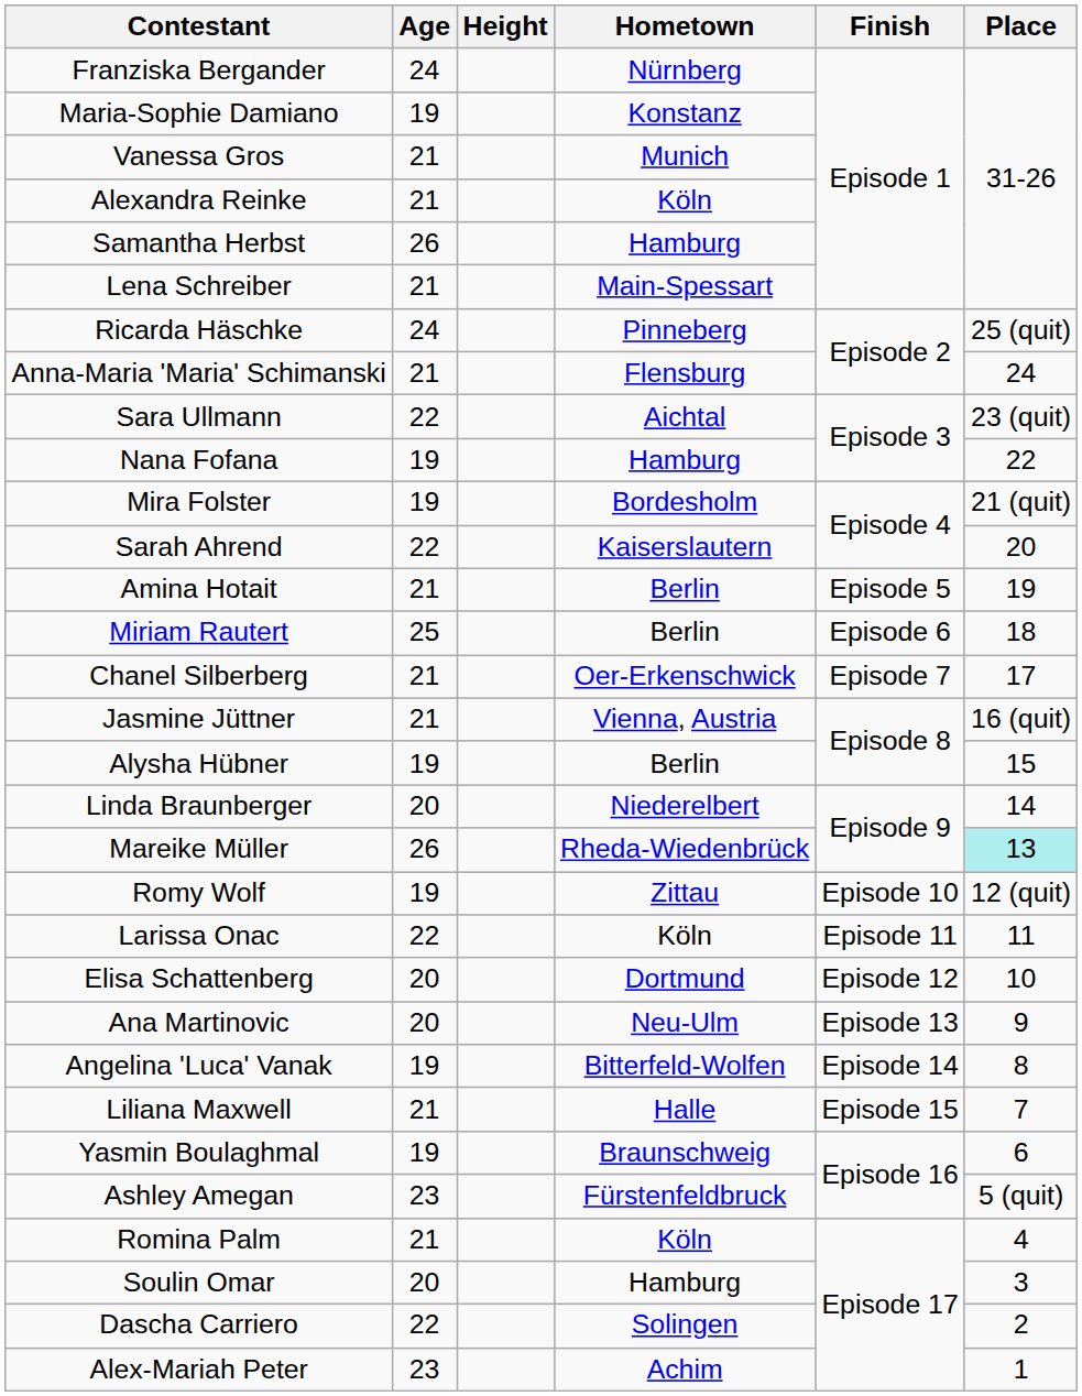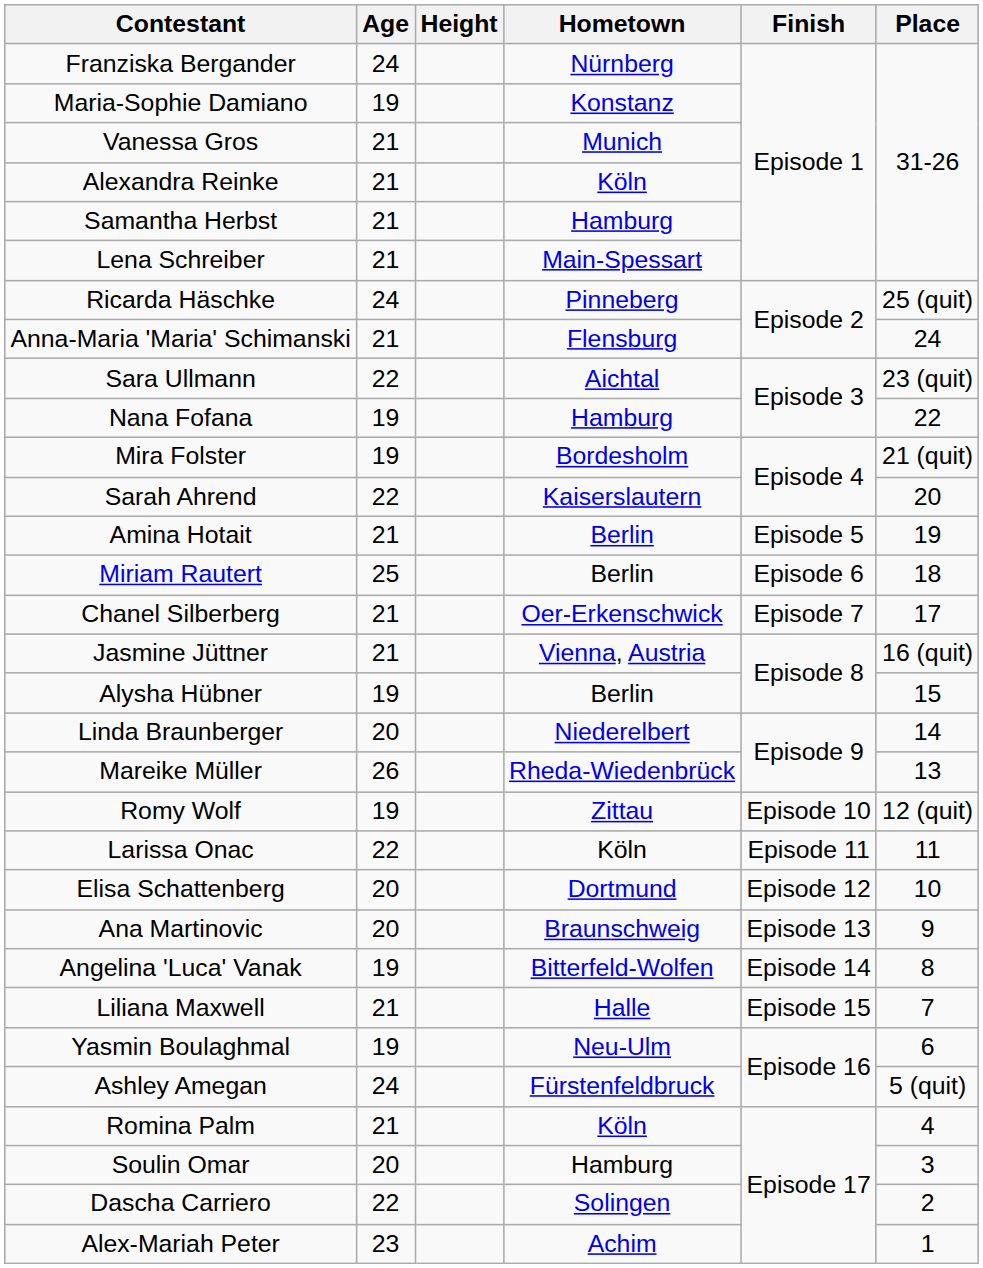 <table class="wikitable sortable" style="text-align:center;">
 <tr>
 <th>Contestant</th>
 <th>Age</th>
 <th>Height</th>
 <th>Hometown</th>
 <th>Finish</th>
 <th>Place</th>
 </tr>
 <tr>
 <td>Franziska Bergander</td>
 <td>24</td>
 <td></td>
 <td><a href='#'>Nürnberg</a></td>
 <td rowspan="6">Episode 1</td>
 <td rowspan="6">31-26</td>
 </tr>
 <tr>
 <td>Maria-Sophie Damiano</td>
 <td>19</td>
 <td></td>
 <td><a href='#'>Konstanz</a></td>
 </tr>
 <tr>
 <td>Vanessa Gros</td>
 <td>21</td>
 <td></td>
 <td><a href='#'>Munich</a></td>
 </tr>
 <tr>
 <td>Alexandra Reinke</td>
 <td>21</td>
 <td></td>
 <td><a href='#'>Köln</a></td>
 </tr>
 <tr>
 <td>Samantha Herbst</td>
-<td>26</td>
+<td>21</td>
 <td></td>
 <td><a href='#'>Hamburg</a></td>
 </tr>
 <tr>
 <td>Lena Schreiber</td>
 <td>21</td>
 <td></td>
 <td><a href='#'>Main-Spessart</a></td>
 </tr>
 <tr>
 <td>Ricarda Häschke</td>
 <td>24</td>
 <td></td>
 <td><a href='#'>Pinneberg</a></td>
 <td rowspan="2">Episode 2</td>
 <td>25 (quit)</td>
 </tr>
 <tr>
 <td>Anna-Maria 'Maria' Schimanski</td>
 <td>21</td>
 <td></td>
 <td><a href='#'>Flensburg</a></td>
 <td>24</td>
 </tr>
 <tr>
 <td>Sara Ullmann</td>
 <td>22</td>
 <td></td>
 <td><a href='#'>Aichtal</a></td>
 <td rowspan="2">Episode 3</td>
 <td>23 (quit)</td>
 </tr>
 <tr>
 <td>Nana Fofana</td>
 <td>19</td>
 <td></td>
 <td><a href='#'>Hamburg</a></td>
 <td>22</td>
 </tr>
 <tr>
 <td>Mira Folster</td>
 <td>19</td>
 <td></td>
 <td><a href='#'>Bordesholm</a></td>
 <td rowspan=2>Episode 4</td>
 <td>21 (quit)</td>
 </tr>
 <tr>
 <td>Sarah Ahrend</td>
 <td>22</td>
 <td></td>
 <td><a href='#'>Kaiserslautern</a></td>
 <td>20</td>
 </tr>
 <tr>
 <td>Amina Hotait</td>
 <td>21</td>
 <td></td>
 <td><a href='#'>Berlin</a></td>
 <td>Episode 5</td>
 <td>19</td>
 </tr>
 <tr>
 <td><a href='#'>Miriam Rautert</a></td>
 <td>25</td>
 <td></td>
 <td>Berlin</td>
 <td>Episode 6</td>
 <td>18</td>
 </tr>
 <tr>
 <td>Chanel Silberberg</td>
 <td>21</td>
 <td></td>
 <td><a href='#'>Oer-Erkenschwick</a></td>
 <td>Episode 7</td>
 <td>17</td>
 </tr>
 <tr>
 <td>Jasmine Jüttner</td>
 <td>21</td>
 <td></td>
 <td><a href='#'>Vienna</a>, <a href='#'>Austria</a></td>
 <td rowspan="2">Episode 8</td>
 <td>16 (quit)</td>
 </tr>
 <tr>
 <td>Alysha Hübner</td>
 <td>19</td>
 <td></td>
 <td>Berlin</td>
 <td>15</td>
 </tr>
 <tr>
 <td>Linda Braunberger</td>
 <td>20</td>
 <td></td>
 <td><a href='#'>Niederelbert</a></td>
 <td rowspan="2">Episode 9</td>
 <td>14</td>
 </tr>
 <tr>
 <td>Mareike Müller</td>
 <td>26</td>
 <td></td>
 <td><a href='#'>Rheda-Wiedenbrück</a></td>
-<td style="background: paleturquoise;">13</td>
+<td>13</td>
 </tr>
 <tr>
 <td>Romy Wolf</td>
 <td>19</td>
 <td></td>
 <td><a href='#'>Zittau</a></td>
 <td>Episode 10</td>
 <td>12 (quit)</td>
 </tr>
 <tr>
 <td>Larissa Onac</td>
 <td>22</td>
 <td></td>
 <td>Köln</td>
 <td>Episode 11</td>
 <td>11</td>
 </tr>
 <tr>
 <td>Elisa Schattenberg</td>
 <td>20</td>
 <td></td>
 <td><a href='#'>Dortmund</a></td>
 <td>Episode 12</td>
 <td>10</td>
 </tr>
 <tr>
 <td>Ana Martinovic</td>
 <td>20</td>
 <td></td>
-<td><a href='#'>Neu-Ulm</a></td>
+<td><a href='#'>Braunschweig</a></td>
 <td>Episode 13</td>
 <td>9</td>
 </tr>
 <tr>
 <td>Angelina 'Luca' Vanak</td>
 <td>19</td>
 <td></td>
 <td><a href='#'>Bitterfeld-Wolfen</a></td>
 <td>Episode 14</td>
 <td>8</td>
 </tr>
 <tr>
 <td>Liliana Maxwell</td>
 <td>21</td>
 <td></td>
 <td><a href='#'>Halle</a></td>
 <td>Episode 15</td>
 <td>7</td>
 </tr>
 <tr>
 <td>Yasmin Boulaghmal</td>
 <td>19</td>
 <td></td>
-<td><a href='#'>Braunschweig</a></td>
+<td><a href='#'>Neu-Ulm</a></td>
 <td rowspan="2">Episode 16</td>
 <td>6</td>
 </tr>
 <tr>
 <td>Ashley Amegan</td>
-<td>23</td>
+<td>24</td>
 <td></td>
 <td><a href='#'>Fürstenfeldbruck</a></td>
 <td>5 (quit)</td>
 </tr>
 <tr>
 <td>Romina Palm</td>
 <td>21</td>
 <td></td>
 <td><a href='#'>Köln</a></td>
 <td rowspan="4">Episode 17</td>
 <td>4</td>
 </tr>
 <tr>
 <td>Soulin Omar</td>
 <td>20</td>
 <td></td>
 <td>Hamburg</td>
 <td>3</td>
 </tr>
 <tr>
 <td>Dascha Carriero</td>
 <td>22</td>
 <td></td>
 <td><a href='#'>Solingen</a></td>
 <td>2</td>
 </tr>
 <tr>
 <td>Alex-Mariah Peter</td>
 <td>23</td>
 <td></td>
 <td><a href='#'>Achim</a></td>
 <td>1</td>
 </tr>
 </table>
